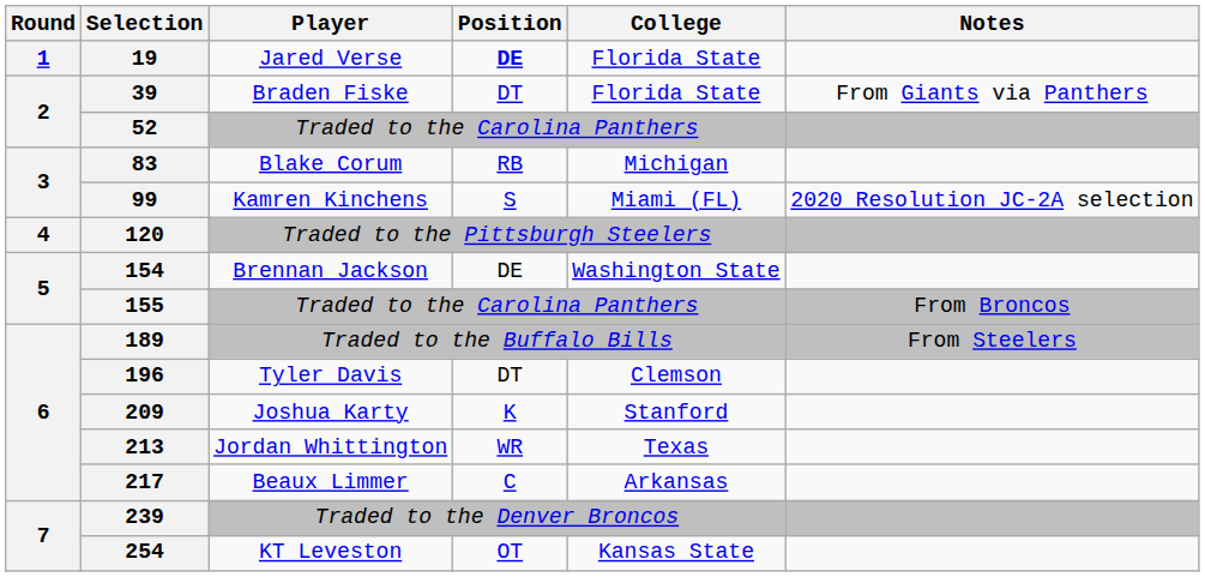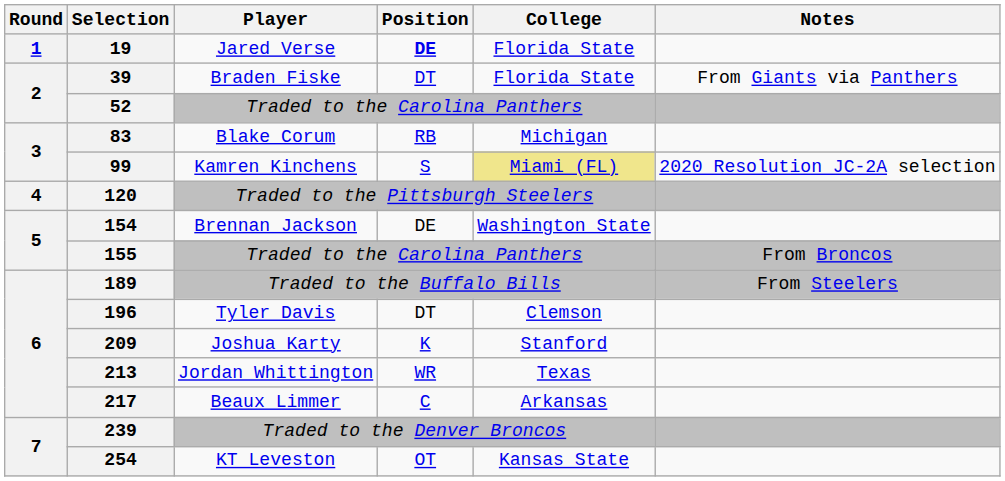 <table class="wikitable" style="text-align:center">
 <tr>
 <th>Round</th>
 <th>Selection</th>
 <th>Player</th>
 <th>Position</th>
 <th>College</th>
 <th>Notes</th>
 </tr>
 <tr>
 <th><a href='#'>1</a></th>
 <th>19</th>
 <td><a href='#'>Jared Verse</a></td>
 <td><strong><a href='#'>DE</a></strong></td>
 <td><a href='#'>Florida State</a></td>
 <td></td>
 </tr>
 <tr>
 <th rowspan="2">2</th>
 <th>39</th>
 <td><a href='#'>Braden Fiske</a></td>
 <td><a href='#'>DT</a></td>
 <td><a href='#'>Florida State</a></td>
 <td>From <a href='#'>Giants</a> via <a href='#'>Panthers</a></td>
 </tr>
 <tr>
 <th>52</th>
 <td colspan="3" style="background:#BFBFBF"><em>Traded to the <a href='#'>Carolina Panthers</a></em></td>
 <td style="background:#BFBFBF"></td>
 </tr>
 <tr>
 <th rowspan="2">3</th>
 <th>83</th>
 <td><a href='#'>Blake Corum</a></td>
 <td><a href='#'>RB</a></td>
 <td><a href='#'>Michigan</a></td>
 <td></td>
 </tr>
 <tr>
 <th>99</th>
 <td><a href='#'>Kamren Kinchens</a></td>
 <td><a href='#'>S</a></td>
-<td><a href='#'>Miami (FL)</a></td>
+<td style="background: khaki;"><a href='#'>Miami (FL)</a></td>
 <td><a href='#'>2020 Resolution JC-2A</a> selection</td>
 </tr>
 <tr>
 <th>4</th>
 <th>120</th>
 <td colspan="3" style="background:#BFBFBF"><em>Traded to the <a href='#'>Pittsburgh Steelers</a></em></td>
 <td style="background:#BFBFBF"></td>
 </tr>
 <tr>
 <th rowspan="2">5</th>
 <th>154</th>
 <td><a href='#'>Brennan Jackson</a></td>
 <td>DE</td>
 <td><a href='#'>Washington State</a></td>
 <td></td>
 </tr>
 <tr>
 <th>155</th>
 <td colspan="3" style="background:#BFBFBF"><em>Traded to the <a href='#'>Carolina Panthers</a></em></td>
 <td style="background:#BFBFBF">From <a href='#'>Broncos</a></td>
 </tr>
 <tr>
 <th rowspan="5">6</th>
 <th>189</th>
 <td colspan="3" style="background:#BFBFBF"><em>Traded to the <a href='#'>Buffalo Bills</a></em></td>
 <td style="background:#BFBFBF">From <a href='#'>Steelers</a></td>
 </tr>
 <tr>
 <th>196</th>
 <td><a href='#'>Tyler Davis</a></td>
 <td>DT</td>
 <td><a href='#'>Clemson</a></td>
 <td></td>
 </tr>
 <tr>
 <th>209</th>
 <td><a href='#'>Joshua Karty</a></td>
 <td><a href='#'>K</a></td>
 <td><a href='#'>Stanford</a></td>
 <td></td>
 </tr>
 <tr>
 <th>213</th>
 <td><a href='#'>Jordan Whittington</a></td>
 <td><a href='#'>WR</a></td>
 <td><a href='#'>Texas</a></td>
 <td></td>
 </tr>
 <tr>
 <th>217</th>
 <td><a href='#'>Beaux Limmer</a></td>
 <td><a href='#'>C</a></td>
 <td><a href='#'>Arkansas</a></td>
 <td></td>
 </tr>
 <tr>
 <th rowspan="2">7</th>
 <th>239</th>
 <td colspan="3" style="background:#BFBFBF"><em>Traded to the <a href='#'>Denver Broncos</a></em></td>
 <td style="background:#BFBFBF"></td>
 </tr>
 <tr>
 <th>254</th>
 <td><a href='#'>KT Leveston</a></td>
 <td><a href='#'>OT</a></td>
 <td><a href='#'>Kansas State</a></td>
 <td></td>
 </tr>
 </table>
